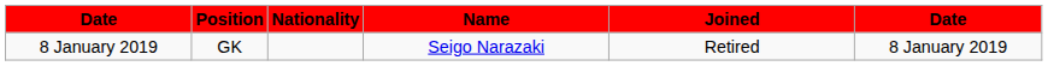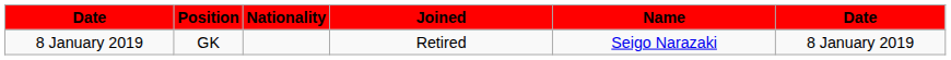 <table class="wikitable"  style="text-align:center; font-size:90%; ">
 <tr>
 <th style="background:#FF0000; color:#000000; width:150px;">Date</th>
 <th style="background:#FF0000; color:#000000; width:55px;">Position</th>
 <th style="background:#FF0000; color:#000000; width:55px;">Nationality</th>
+<th style="background:#FF0000; color:#000000; width:200px;">Joined</th>
 <th style="background:#FF0000; color:#000000; width:200px;">Name</th>
-<th style="background:#FF0000; color:#000000; width:200px;">Joined</th>
 <th style="background:#FF0000; color:#000000; width:150px;">Date</th>
 </tr>
 <tr>
 <td>8 January 2019</td>
 <td>GK</td>
 <td></td>
+<td>Retired</td>
 <td><a href='#'>Seigo Narazaki</a></td>
-<td>Retired</td>
 <td>8 January 2019</td>
 </tr>
 </table>
